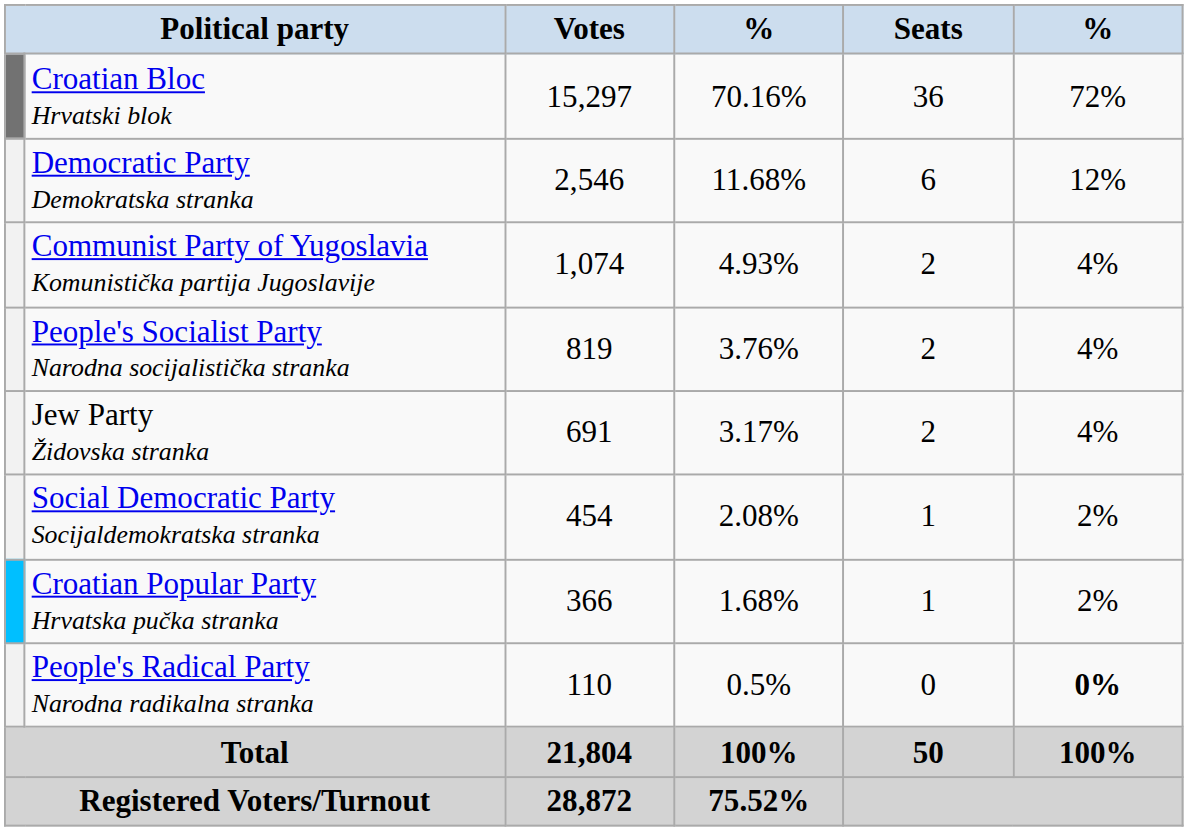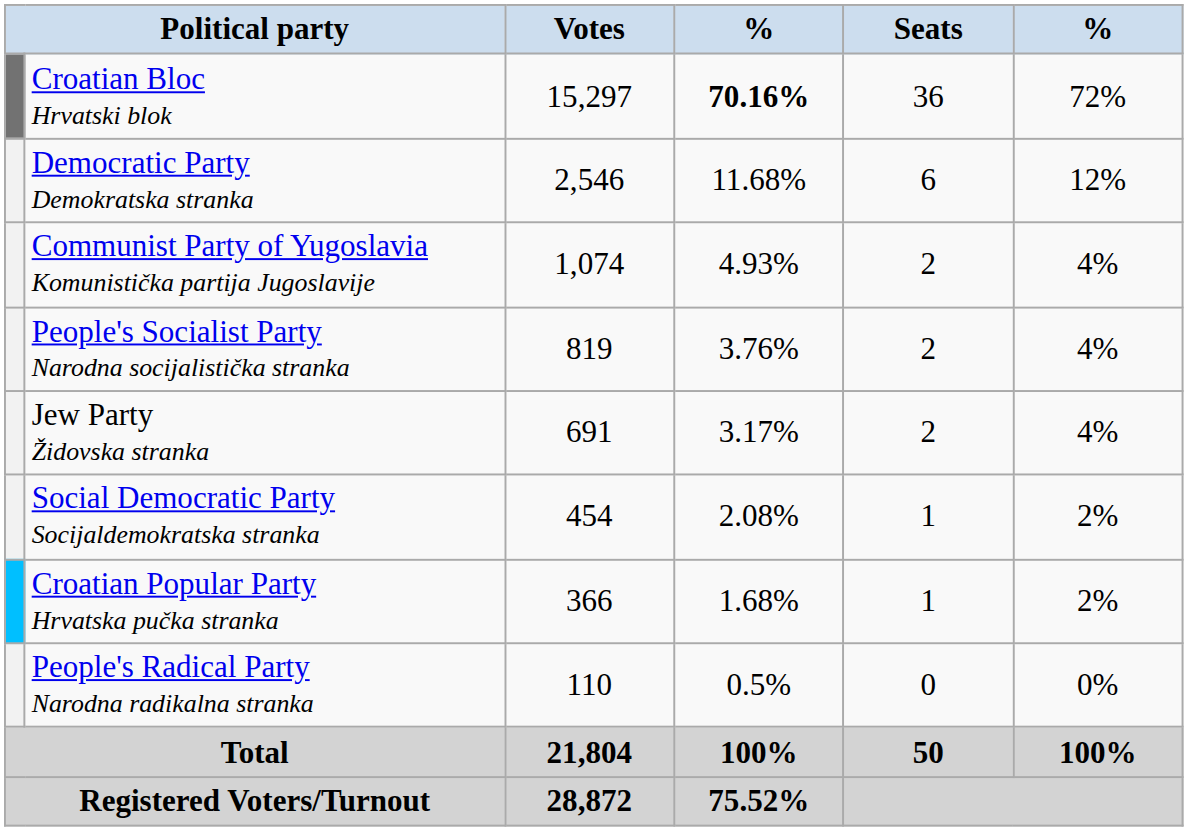 <table class="wikitable">
 <tr>
 <th colspan=2 style="background:#CCDDEE; width: 22em">Political party</th>
 <th style="width: 5em; background:#CCDDEE;">Votes</th>
 <th style="width: 5em; background:#CCDDEE;">%</th>
 <th style="width: 5em; background:#CCDDEE;">Seats</th>
 <th style="width: 5em; background:#CCDDEE;">%</th>
 </tr>
 <tr>
 <th style="background-color: #727272"></th>
 <td><a href='#'>Croatian Bloc</a><br><small><em>Hrvatski blok</em></small></td>
 <td style="text-align:center">15,297</td>
-<td style="text-align:center">70.16%</td>
+<td style="text-align:center"><strong>70.16%</strong></td>
 <td style="text-align:center">36</td>
 <td style="text-align:center">72%</td>
 </tr>
 <tr>
 <th style="background-color: "></th>
 <td><a href='#'>Democratic Party</a><br><small><em>Demokratska stranka</em></small></td>
 <td style="text-align:center">2,546</td>
 <td style="text-align:center">11.68%</td>
 <td style="text-align:center">6</td>
 <td style="text-align:center">12%</td>
 </tr>
 <tr>
 <th style="background-color: "></th>
 <td><a href='#'>Communist Party of Yugoslavia</a><br><small><em>Komunistička partija Jugoslavije</em></small></td>
 <td style="text-align:center">1,074</td>
 <td style="text-align:center">4.93%</td>
 <td style="text-align:center">2</td>
 <td style="text-align:center">4%</td>
 </tr>
 <tr>
 <th style="background-color: "></th>
 <td><a href='#'>People's Socialist Party</a><br><small><em>Narodna socijalistička stranka</em></small></td>
 <td style="text-align:center">819</td>
 <td style="text-align:center">3.76%</td>
 <td style="text-align:center">2</td>
 <td style="text-align:center">4%</td>
 </tr>
 <tr>
 <th style="background-color: "></th>
 <td>Jew Party<br><small><em>Židovska stranka</em></small></td>
 <td style="text-align:center">691</td>
 <td style="text-align:center">3.17%</td>
 <td style="text-align:center">2</td>
 <td style="text-align:center">4%</td>
 </tr>
 <tr>
 <th style="background-color: "></th>
 <td><a href='#'>Social Democratic Party</a><br><small><em>Socijaldemokratska stranka</em></small></td>
 <td style="text-align:center">454</td>
 <td style="text-align:center">2.08%</td>
 <td style="text-align:center">1</td>
 <td style="text-align:center">2%</td>
 </tr>
 <tr>
 <th style="background-color: #00BFFF"></th>
 <td><a href='#'>Croatian Popular Party</a><br><small><em>Hrvatska pučka stranka</em></small></td>
 <td style="text-align:center">366</td>
 <td style="text-align:center">1.68%</td>
 <td style="text-align:center">1</td>
 <td style="text-align:center">2%</td>
 </tr>
 <tr>
 <th style="background-color: "></th>
 <td><a href='#'>People's Radical Party</a><br><small><em>Narodna radikalna stranka</em></small></td>
 <td style="text-align:center">110</td>
 <td style="text-align:center">0.5%</td>
 <td style="text-align:center">0</td>
-<td style="text-align:center"><strong>0%</strong></td>
+<td style="text-align:center">0%</td>
 </tr>
 <tr>
 <td colspan="2" align=center style="background: lightgrey"><strong>Total</strong></td>
 <td align=center style="background: lightgrey"><strong>21,804</strong></td>
 <td align=center style="background: lightgrey"><strong>100%</strong></td>
 <td align=center style="background: lightgrey"><strong>50</strong></td>
 <td align=center style="background: lightgrey"><strong>100%</strong></td>
 </tr>
 <tr>
 <td colspan="2" align=center style="background: lightgrey"><strong>Registered Voters/Turnout</strong></td>
 <td align=center style="background: lightgrey"><strong>28,872</strong></td>
 <td align=center style="background: lightgrey"><strong>75.52%</strong></td>
 <td colspan="4" align=center style="background: lightgrey"></td>
 </tr>
 </table>
